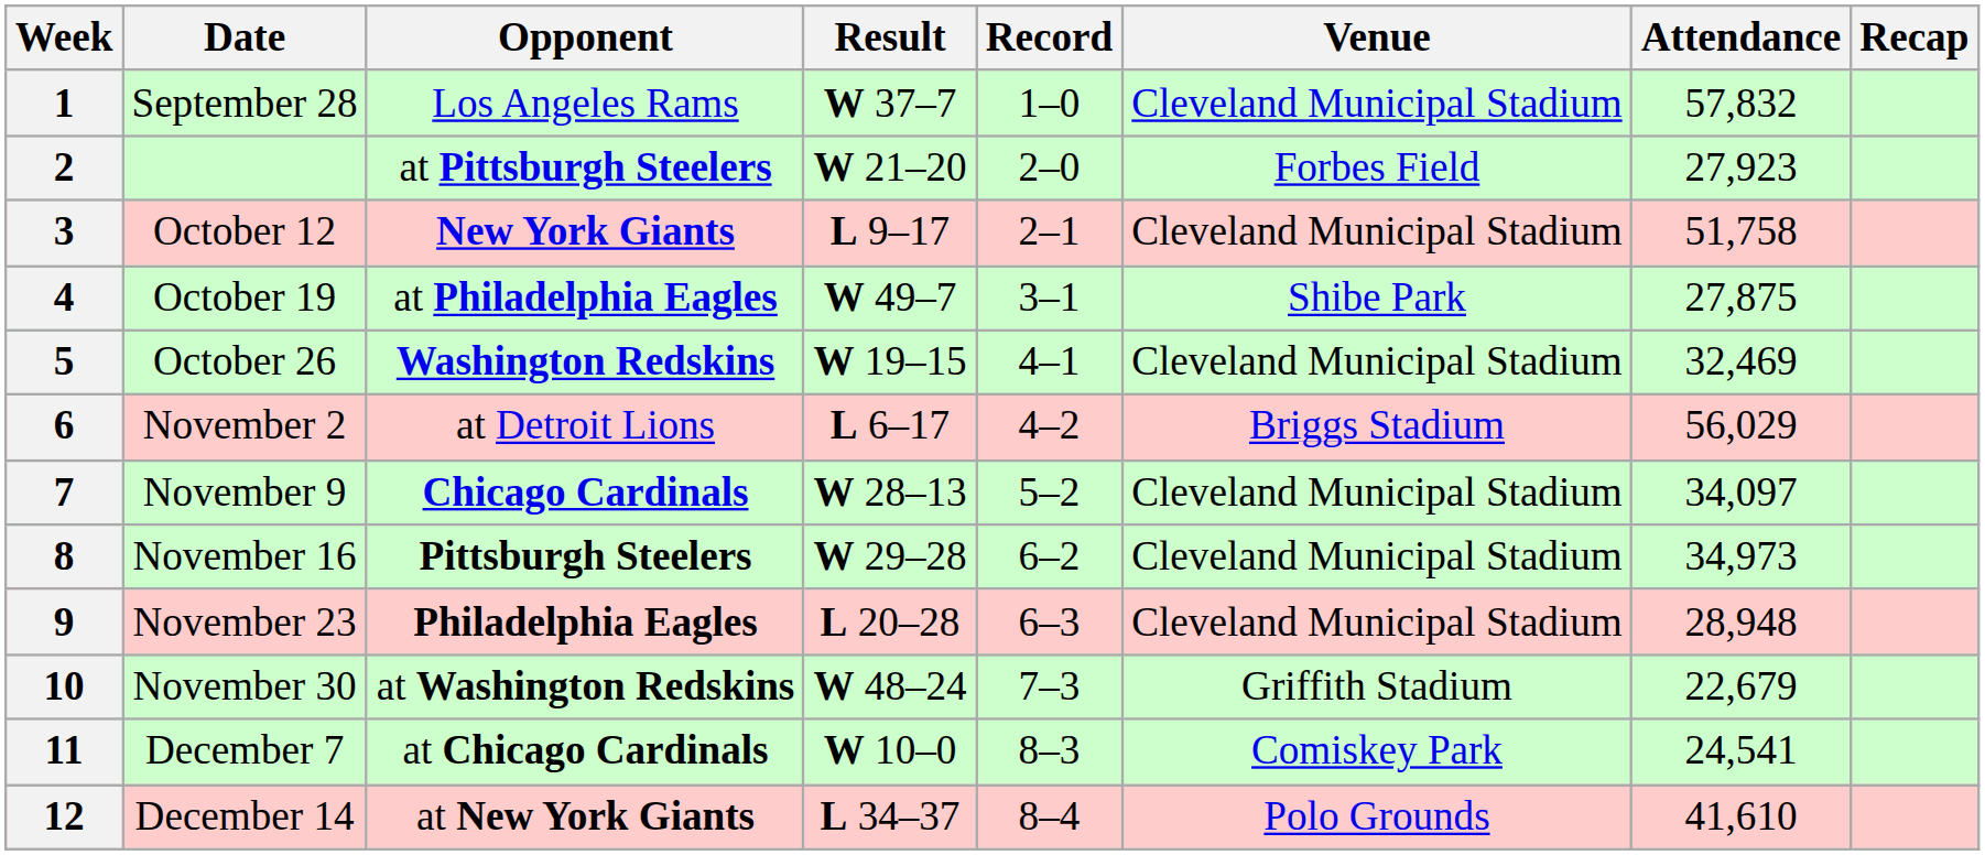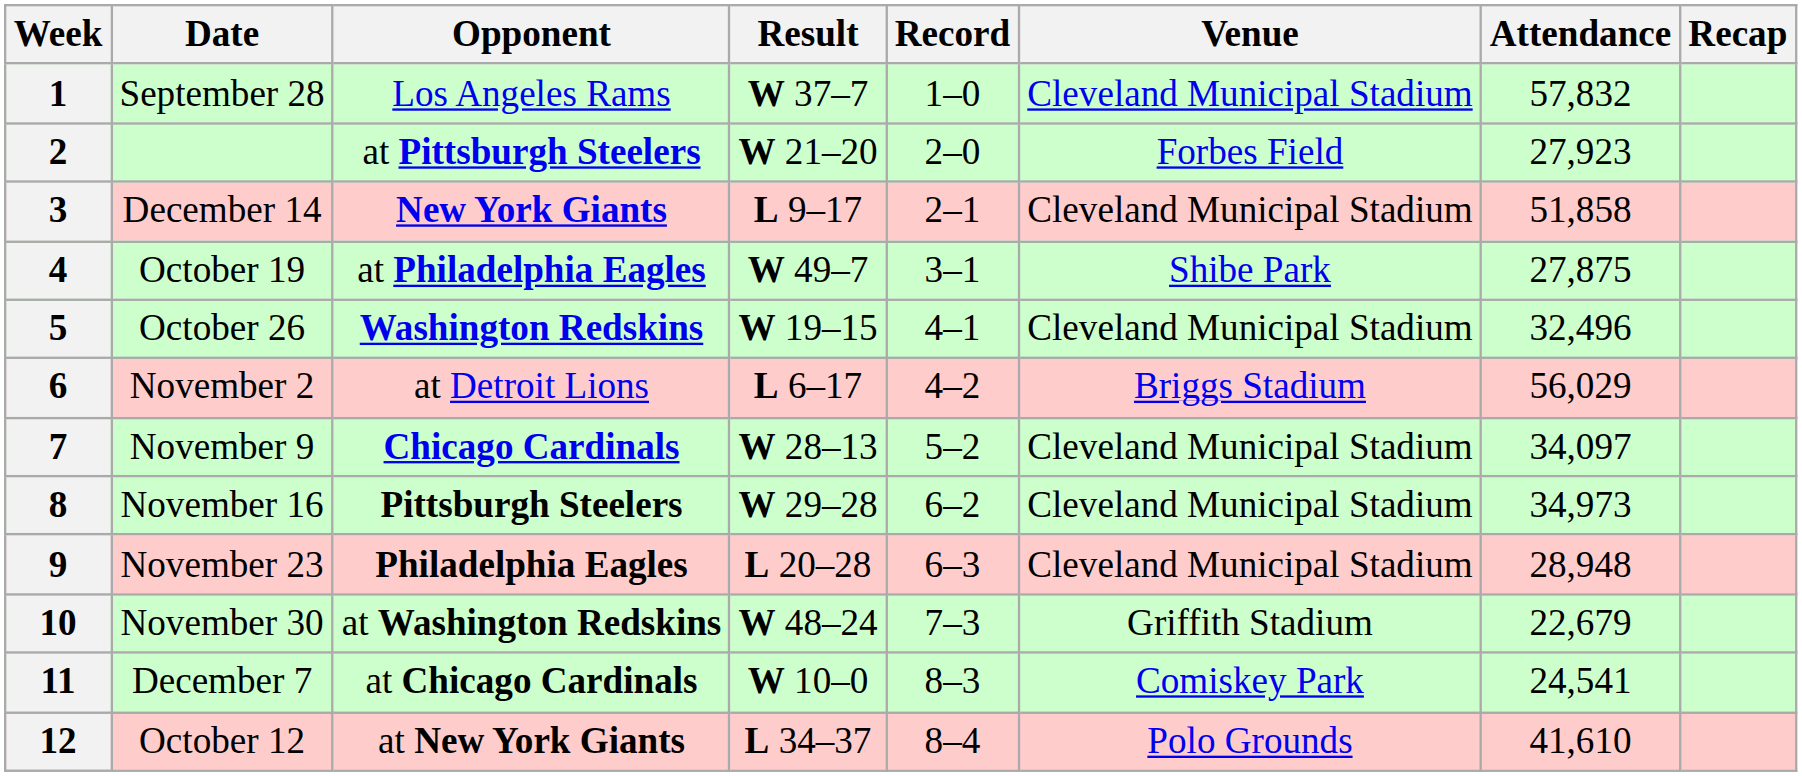 <table class="wikitable" style="text-align:center">
 <tr>
 <th>Week</th>
 <th>Date</th>
 <th>Opponent</th>
 <th>Result</th>
 <th>Record</th>
 <th>Venue</th>
 <th>Attendance</th>
 <th>Recap</th>
 </tr>
 <tr style="background:#cfc">
 <th>1</th>
 <td>September 28</td>
 <td><a href='#'>Los Angeles Rams</a></td>
 <td><strong>W</strong> 37–7</td>
 <td>1–0</td>
 <td><a href='#'>Cleveland Municipal Stadium</a></td>
 <td>57,832</td>
 <td></td>
 </tr>
 <tr style="background:#cfc">
 <th>2</th>
 <td></td>
 <td>at <strong><a href='#'>Pittsburgh Steelers</a></strong></td>
 <td><strong>W</strong> 21–20</td>
 <td>2–0</td>
 <td><a href='#'>Forbes Field</a></td>
 <td>27,923</td>
 <td></td>
 </tr>
 <tr style="background:#fcc">
 <th>3</th>
-<td>October 12</td>
+<td>December 14</td>
 <td><strong><a href='#'>New York Giants</a></strong></td>
 <td><strong>L</strong> 9–17</td>
 <td>2–1</td>
 <td>Cleveland Municipal Stadium</td>
-<td>51,758</td>
+<td>51,858</td>
 <td></td>
 </tr>
 <tr style="background:#cfc">
 <th>4</th>
 <td>October 19</td>
 <td>at <strong><a href='#'>Philadelphia Eagles</a></strong></td>
 <td><strong>W</strong> 49–7</td>
 <td>3–1</td>
 <td><a href='#'>Shibe Park</a></td>
 <td>27,875</td>
 <td></td>
 </tr>
 <tr style="background:#cfc">
 <th>5</th>
 <td>October 26</td>
 <td><strong><a href='#'>Washington Redskins</a></strong></td>
 <td><strong>W</strong> 19–15</td>
 <td>4–1</td>
 <td>Cleveland Municipal Stadium</td>
-<td>32,469</td>
+<td>32,496</td>
 <td></td>
 </tr>
 <tr style="background:#fcc">
 <th>6</th>
 <td>November 2</td>
 <td>at <a href='#'>Detroit Lions</a></td>
 <td><strong>L</strong> 6–17</td>
 <td>4–2</td>
 <td><a href='#'>Briggs Stadium</a></td>
 <td>56,029</td>
 <td></td>
 </tr>
 <tr style="background:#cfc">
 <th>7</th>
 <td>November 9</td>
 <td><strong><a href='#'>Chicago Cardinals</a></strong></td>
 <td><strong>W</strong> 28–13</td>
 <td>5–2</td>
 <td>Cleveland Municipal Stadium</td>
 <td>34,097</td>
 <td></td>
 </tr>
 <tr style="background:#cfc">
 <th>8</th>
 <td>November 16</td>
 <td><strong>Pittsburgh Steelers</strong></td>
 <td><strong>W</strong> 29–28</td>
 <td>6–2</td>
 <td>Cleveland Municipal Stadium</td>
 <td>34,973</td>
 <td></td>
 </tr>
 <tr style="background:#fcc">
 <th>9</th>
 <td>November 23</td>
 <td><strong>Philadelphia Eagles</strong></td>
 <td><strong>L</strong> 20–28</td>
 <td>6–3</td>
 <td>Cleveland Municipal Stadium</td>
 <td>28,948</td>
 <td></td>
 </tr>
 <tr style="background:#cfc">
 <th>10</th>
 <td>November 30</td>
 <td>at <strong>Washington Redskins</strong></td>
 <td><strong>W</strong> 48–24</td>
 <td>7–3</td>
 <td>Griffith Stadium</td>
 <td>22,679</td>
 <td></td>
 </tr>
 <tr style="background:#cfc">
 <th>11</th>
 <td>December 7</td>
 <td>at <strong>Chicago Cardinals</strong></td>
 <td><strong>W</strong> 10–0</td>
 <td>8–3</td>
 <td><a href='#'>Comiskey Park</a></td>
 <td>24,541</td>
 <td></td>
 </tr>
 <tr style="background:#fcc">
 <th>12</th>
-<td>December 14</td>
+<td>October 12</td>
 <td>at <strong>New York Giants</strong></td>
 <td><strong>L</strong> 34–37</td>
 <td>8–4</td>
 <td><a href='#'>Polo Grounds</a></td>
 <td>41,610</td>
 <td></td>
 </tr>
 </table>
